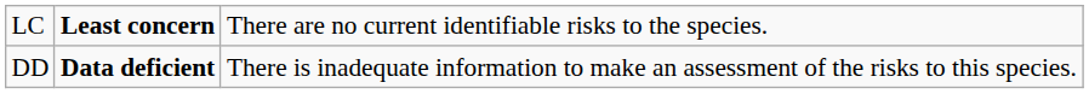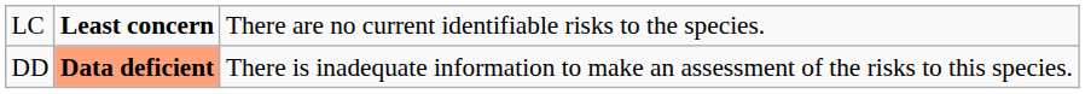 <table class="wikitable" style="text-align:left">
 <tr>
 <td>LC</td>
 <td><strong>Least concern</strong></td>
 <td>There are no current identifiable risks to the species.</td>
 </tr>
 <tr>
 <td>DD</td>
-<td><strong>Data deficient</strong></td>
+<td style="background: lightsalmon;"><strong>Data deficient</strong></td>
 <td>There is inadequate information to make an assessment of the risks to this species.</td>
 </tr>
 </table>
